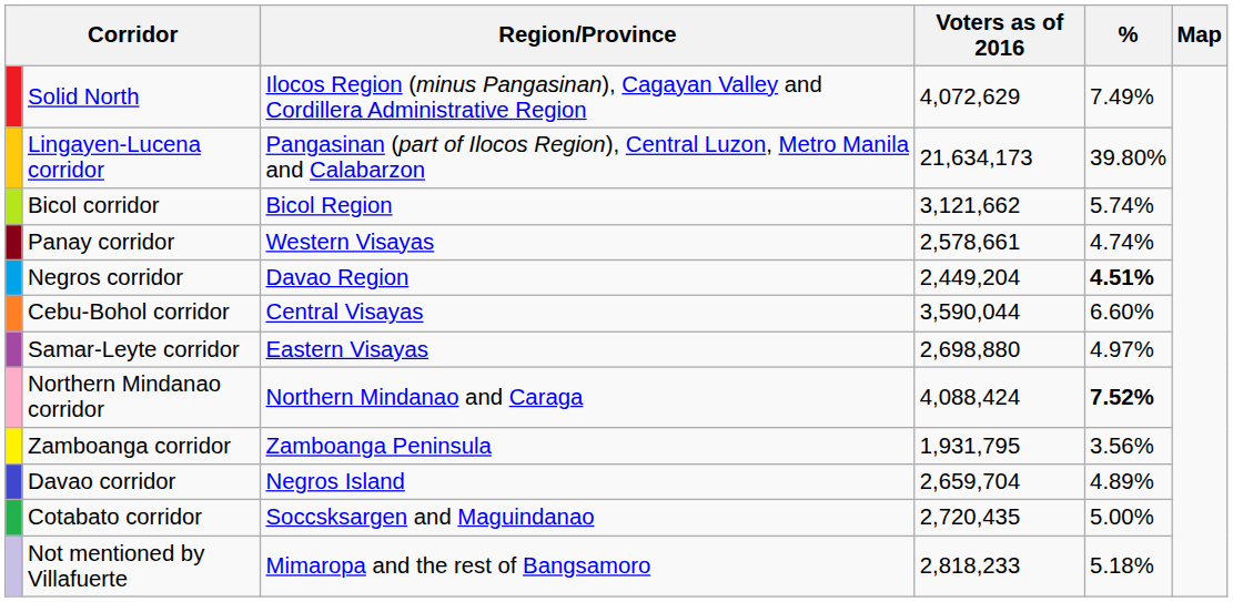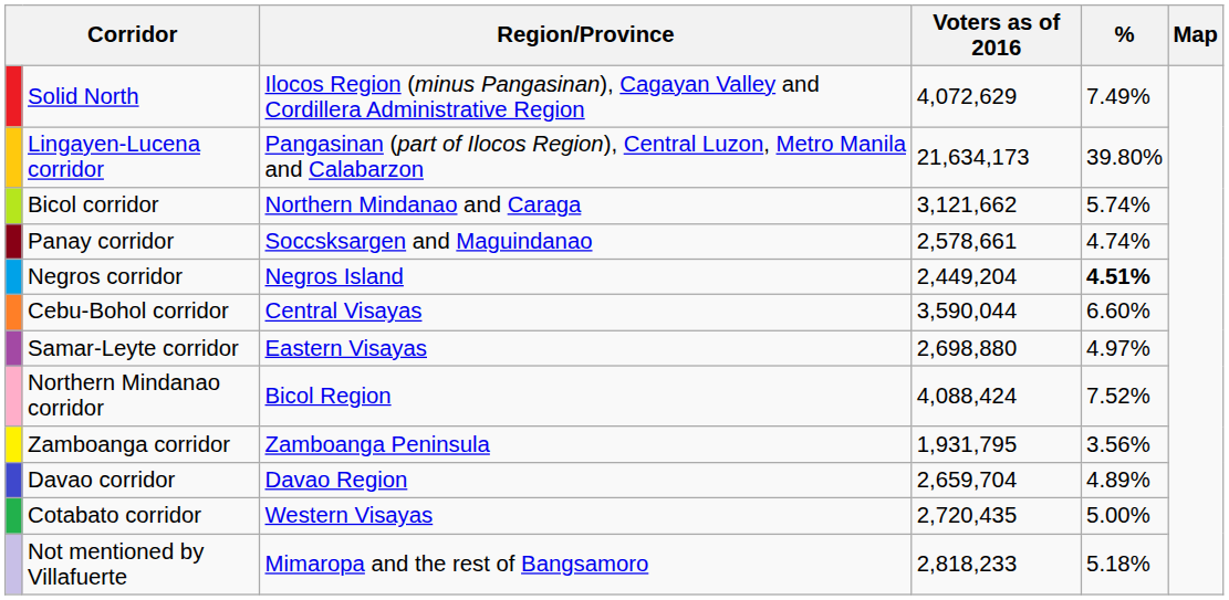 <table class="wikitable">
 <tr>
 <th colspan="2">Corridor</th>
 <th>Region/Province</th>
 <th>Voters as of 2016</th>
 <th>%</th>
 <th>Map</th>
 </tr>
 <tr>
 <td width="5px" bgcolor="#ED1C24"></td>
 <td><a href='#'>Solid North</a></td>
 <td><a href='#'>Ilocos Region</a> (<em>minus Pangasinan</em>), <a href='#'>Cagayan Valley</a> and <a href='#'>Cordillera Administrative Region</a></td>
 <td>4,072,629</td>
 <td>7.49%</td>
 <td rowspan="12"></td>
 </tr>
 <tr>
 <td bgcolor="#FFC90E"></td>
 <td><a href='#'>Lingayen-Lucena corridor</a></td>
 <td><a href='#'>Pangasinan</a> (<em>part of Ilocos Region</em>), <a href='#'>Central Luzon</a>, <a href='#'>Metro Manila</a> and <a href='#'>Calabarzon</a></td>
 <td>21,634,173</td>
 <td>39.80%</td>
 </tr>
 <tr>
 <td bgcolor="#B5E61D"></td>
 <td>Bicol corridor</td>
-<td><a href='#'>Bicol Region</a></td>
+<td><a href='#'>Northern Mindanao</a> and <a href='#'>Caraga</a></td>
 <td>3,121,662</td>
 <td>5.74%</td>
 </tr>
 <tr>
 <td bgcolor="#880015"></td>
 <td>Panay corridor</td>
-<td><a href='#'>Western Visayas</a></td>
+<td><a href='#'>Soccsksargen</a> and <a href='#'>Maguindanao</a></td>
 <td>2,578,661</td>
 <td>4.74%</td>
 </tr>
 <tr>
 <td bgcolor="#00A2E8"></td>
 <td>Negros corridor</td>
-<td><a href='#'>Davao Region</a></td>
+<td><a href='#'>Negros Island</a></td>
 <td>2,449,204</td>
 <td><strong>4.51%</strong></td>
 </tr>
 <tr>
 <td bgcolor="#FF7F27"></td>
 <td>Cebu-Bohol corridor</td>
 <td><a href='#'>Central Visayas</a></td>
 <td>3,590,044</td>
 <td>6.60%</td>
 </tr>
 <tr>
 <td bgcolor="#A349A4"></td>
 <td>Samar-Leyte corridor</td>
 <td><a href='#'>Eastern Visayas</a></td>
 <td>2,698,880</td>
 <td>4.97%</td>
 </tr>
 <tr>
 <td bgcolor="#FFAEC9"></td>
 <td>Northern Mindanao corridor</td>
-<td><a href='#'>Northern Mindanao</a> and <a href='#'>Caraga</a></td>
+<td><a href='#'>Bicol Region</a></td>
 <td>4,088,424</td>
-<td><strong>7.52%</strong></td>
+<td>7.52%</td>
 </tr>
 <tr>
 <td bgcolor="#FFF200"></td>
 <td>Zamboanga corridor</td>
 <td><a href='#'>Zamboanga Peninsula</a></td>
 <td>1,931,795</td>
 <td>3.56%</td>
 </tr>
 <tr>
 <td bgcolor="#3F48CC"></td>
 <td>Davao corridor</td>
-<td><a href='#'>Negros Island</a></td>
+<td><a href='#'>Davao Region</a></td>
 <td>2,659,704</td>
 <td>4.89%</td>
 </tr>
 <tr>
 <td bgcolor="#22B14C"></td>
 <td>Cotabato corridor</td>
-<td><a href='#'>Soccsksargen</a> and <a href='#'>Maguindanao</a></td>
+<td><a href='#'>Western Visayas</a></td>
 <td>2,720,435</td>
 <td>5.00%</td>
 </tr>
 <tr>
 <td bgcolor="#C8BFE7"></td>
 <td>Not mentioned by Villafuerte</td>
 <td><a href='#'>Mimaropa</a> and the rest of <a href='#'>Bangsamoro</a></td>
 <td>2,818,233</td>
 <td>5.18%</td>
 </tr>
 </table>
